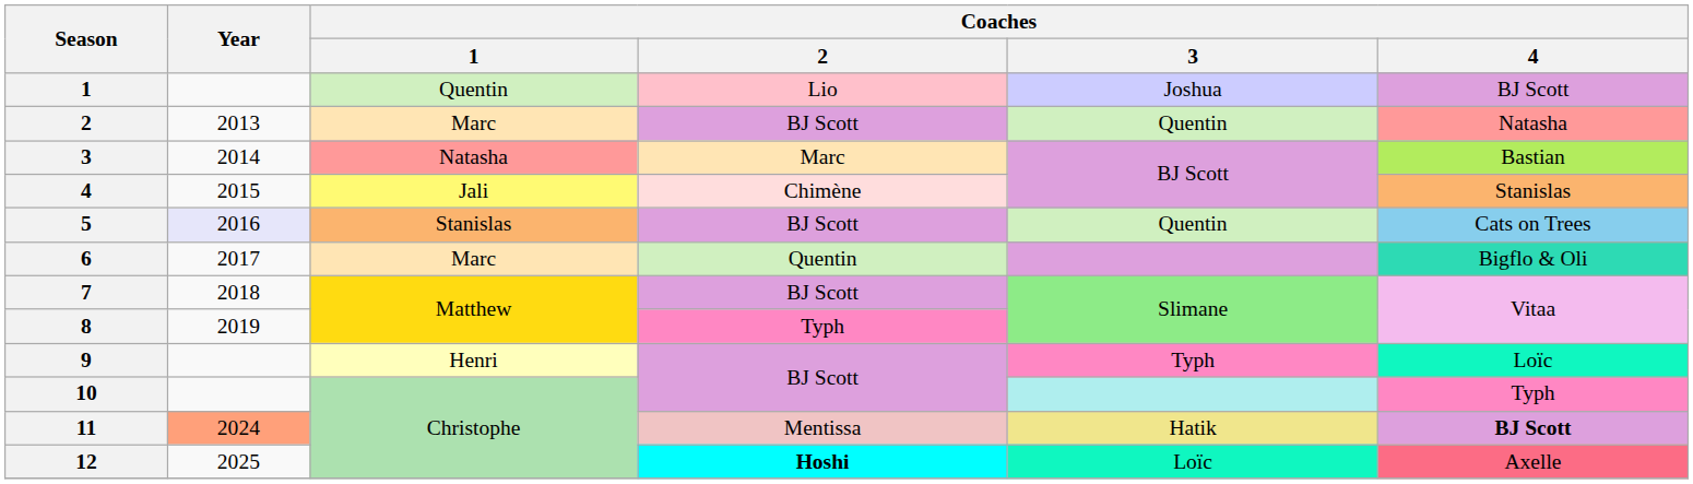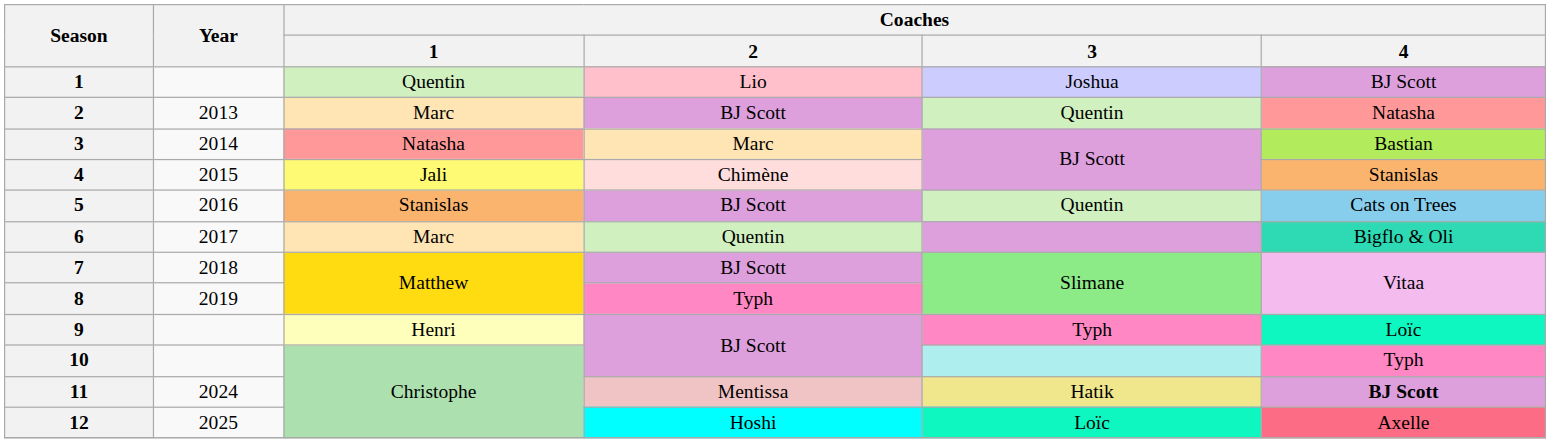 <table class="wikitable collapsible collapsed" style="text-align:center; width:100%">
 <tr>
 <th width="2%" rowspan="2">Season</th>
 <th width="2%" rowspan="2">Year</th>
 <th colspan="4">Coaches</th>
 </tr>
 <tr>
 <th width="5%">1</th>
 <th width="6%">2</th>
 <th width="6%">3</th>
 <th width="5%">4</th>
 </tr>
 <tr>
 <th>1</th>
 <td></td>
 <td style="background:#d0f0c0">Quentin</td>
 <td style="background:pink">Lio</td>
 <td style="background:#ccf">Joshua</td>
 <td style="background:#dda0dd">BJ Scott</td>
 </tr>
 <tr>
 <th>2</th>
 <td>2013</td>
 <td style="background:#ffe5b4">Marc</td>
 <td style="background:#dda0dd">BJ Scott</td>
 <td style="background:#d0f0c0">Quentin</td>
 <td style="background:#ff9999">Natasha</td>
 </tr>
 <tr>
 <th>3</th>
 <td>2014</td>
 <td style="background:#ff9999">Natasha</td>
 <td style="background:#ffe5b4">Marc</td>
 <td rowspan="2" style="background:#dda0dd">BJ Scott</td>
 <td style="background:#B2EC5D">Bastian</td>
 </tr>
 <tr>
 <th>4</th>
 <td>2015</td>
 <td style="background:#fffa73">Jali</td>
 <td style="background:#ffdddd">Chimène</td>
 <td style="background:#fbb46e">Stanislas</td>
 </tr>
 <tr>
 <th>5</th>
-<td style="background: lavender;">2016</td>
+<td>2016</td>
 <td style="background:#fbb46e">Stanislas</td>
 <td style="background:#dda0dd">BJ Scott</td>
 <td style="background:#d0f0c0">Quentin</td>
 <td style="background:#87ceed">Cats on Trees</td>
 </tr>
 <tr>
 <th>6</th>
 <td>2017</td>
 <td style="background:#ffe5b4">Marc</td>
 <td style="background:#d0f0c0">Quentin</td>
 <td style="background:#dda0dd"></td>
 <td style="background:#2ddab4">Bigflo & Oli</td>
 </tr>
 <tr>
 <th>7</th>
 <td>2018</td>
 <td rowspan="2" style="background:#ffdb11">Matthew</td>
 <td style="background:#dda0dd">BJ Scott</td>
 <td rowspan="2" style="background:#8deb87">Slimane</td>
 <td rowspan="2"style="background:#f4bbee">Vitaa</td>
 </tr>
 <tr>
 <th>8</th>
 <td>2019</td>
 <td style="background:#FF87C3">Typh</td>
 </tr>
 <tr>
 <th>9</th>
 <td></td>
 <td style="background:#ffffbc">Henri</td>
 <td rowspan="2" style="background:#dda0dd">BJ Scott</td>
 <td style="background:#FF87C3">Typh</td>
 <td style="background:#0ff7c0">Loïc</td>
 </tr>
 <tr>
 <th>10</th>
 <td></td>
 <td rowspan="3" style="background:#ace1af">Christophe</td>
 <td style="background:#afeeee"></td>
 <td style="background:#FF87C3">Typh</td>
 </tr>
 <tr>
 <th>11</th>
-<td style="background: lightsalmon;">2024</td>
+<td>2024</td>
 <td style="background:#f0c4c4">Mentissa</td>
 <td style="background:khaki">Hatik</td>
 <td style="background:#dda0dd"><strong>BJ Scott</strong></td>
 </tr>
 <tr>
 <th>12</th>
 <td>2025</td>
-<td style="background:#00FFFF"><strong>Hoshi</strong></td>
+<td style="background:#00FFFF">Hoshi</td>
 <td style="background:#0ff7c0">Loïc</td>
 <td style="background:#FC6C85">Axelle</td>
 </tr>
 <tr>
 </tr>
 </table>
